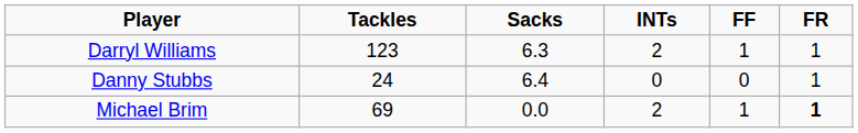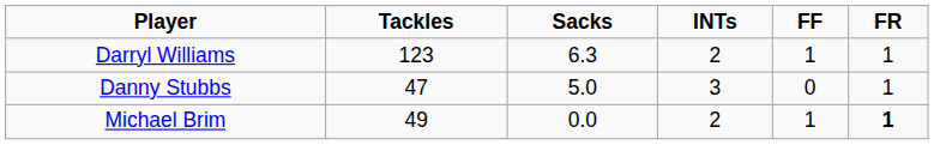 <table class="wikitable" width="80%">
 <tr align="center">
 <td><strong>Player</strong></td>
 <td><strong>Tackles</strong></td>
 <td><strong>Sacks</strong></td>
 <td><strong>INTs</strong></td>
 <td><strong>FF</strong></td>
 <td><strong>FR</strong></td>
 </tr>
 <tr align="center" bgcolor="">
 <td><a href='#'>Darryl Williams</a></td>
 <td>123</td>
 <td>6.3</td>
 <td>2</td>
 <td>1</td>
 <td>1</td>
 </tr>
 <tr align="center" bgcolor="">
 <td><a href='#'>Danny Stubbs</a></td>
-<td>24</td>
-<td>6.4</td>
-<td>0</td>
+<td>47</td>
+<td>5.0</td>
+<td>3</td>
 <td>0</td>
 <td>1</td>
 </tr>
 <tr align="center" bgcolor="">
 <td><a href='#'>Michael Brim</a></td>
-<td>69</td>
+<td>49</td>
 <td>0.0</td>
 <td>2</td>
 <td>1</td>
 <td><strong>1</strong></td>
 </tr>
 </table>
